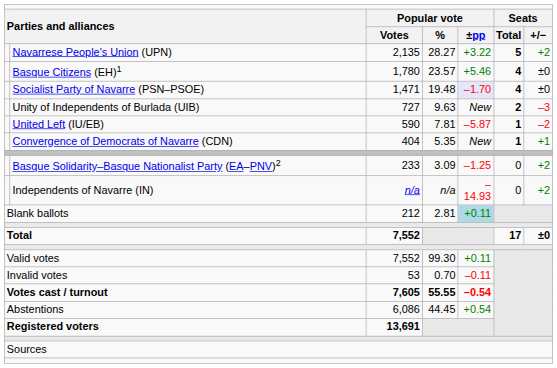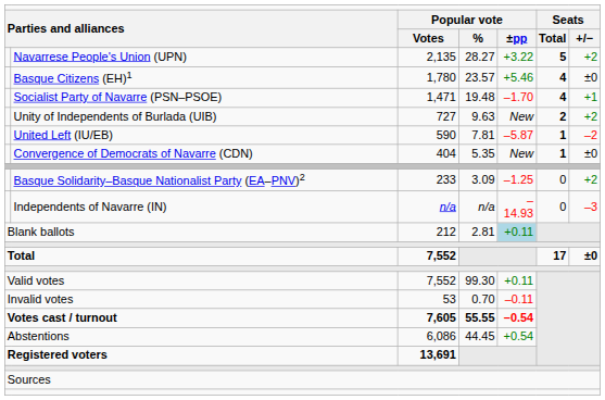 <table class="wikitable" style="text-align:right;">
 <tr>
 <td colspan="7"></td>
 </tr>
 <tr>
 <th style="text-align:left;" rowspan="2" colspan="2" width="525">Parties and alliances</th>
 <th colspan="3">Popular vote</th>
 <th colspan="2">Seats</th>
 </tr>
 <tr>
 <th width="75">Votes</th>
 <th width="45">%</th>
 <th width="45">±<a href='#'>pp</a></th>
 <th width="35">Total</th>
 <th width="35">+/−</th>
 </tr>
 <tr>
 <td width="1" style="color:inherit;background:"></td>
 <td align="left"><a href='#'>Navarrese People's Union</a> (UPN)</td>
 <td>2,135</td>
 <td>28.27</td>
 <td style="color:green;">+3.22</td>
 <td><strong>5</strong></td>
 <td style="color:green;">+2</td>
 </tr>
 <tr>
 <td style="color:inherit;background:"></td>
 <td align="left"><a href='#'>Basque Citizens</a> (EH)<sup>1</sup></td>
 <td>1,780</td>
 <td>23.57</td>
 <td style="color:green;">+5.46</td>
 <td><strong>4</strong></td>
 <td>±0</td>
 </tr>
 <tr>
 <td style="color:inherit;background:"></td>
 <td align="left"><a href='#'>Socialist Party of Navarre</a> (PSN–PSOE)</td>
 <td>1,471</td>
 <td>19.48</td>
-<td style="background: lavender; color:red;">–1.70</td>
+<td style="color:red;">–1.70</td>
 <td><strong>4</strong></td>
-<td>±0</td>
+<td style="color:green;">+1</td>
 </tr>
 <tr>
 <td style="color:inherit;background:"></td>
 <td align="left">Unity of Independents of Burlada (UIB)</td>
 <td>727</td>
 <td>9.63</td>
 <td><em>New</em></td>
 <td><strong>2</strong></td>
-<td style="color:red;">–3</td>
+<td style="color:green;">+2</td>
 </tr>
 <tr>
 <td style="color:inherit;background:"></td>
 <td align="left"><a href='#'>United Left</a> (IU/EB)</td>
 <td>590</td>
 <td>7.81</td>
 <td style="color:red;">–5.87</td>
 <td><strong>1</strong></td>
 <td style="color:red;">–2</td>
 </tr>
 <tr>
 <td style="color:inherit;background:"></td>
 <td align="left"><a href='#'>Convergence of Democrats of Navarre</a> (CDN)</td>
 <td>404</td>
 <td>5.35</td>
 <td><em>New</em></td>
 <td><strong>1</strong></td>
-<td style="color:green;">+1</td>
+<td>±0</td>
 </tr>
 <tr>
 <td colspan="7" bgcolor="#C0C0C0"></td>
 </tr>
 <tr>
 <td style="color:inherit;background:"></td>
 <td align="left"><a href='#'>Basque Solidarity–Basque Nationalist Party</a> (<a href='#'>EA</a>–<a href='#'>PNV</a>)<sup>2</sup></td>
 <td>233</td>
 <td>3.09</td>
 <td style="color:red;">–1.25</td>
 <td>0</td>
 <td style="color:green;">+2</td>
 </tr>
 <tr>
 <td style="color:inherit;background:"></td>
 <td align="left">Independents of Navarre (IN)</td>
 <td><em><a href='#'>n/a</a></em></td>
 <td><em>n/a</em></td>
 <td style="color:red;">–14.93</td>
 <td>0</td>
-<td style="color:green;">+2</td>
+<td style="color:red;">–3</td>
 </tr>
 <tr>
 <td align="left" colspan="2">Blank ballots</td>
 <td>212</td>
 <td>2.81</td>
 <td style="background: lightblue; color:green;">+0.11</td>
 <td bgcolor="#E9E9E9" colspan="2"></td>
 </tr>
 <tr>
 <td colspan="7" bgcolor="#E9E9E9"></td>
 </tr>
 <tr style="font-weight:bold;">
 <td align="left" colspan="2">Total</td>
 <td>7,552</td>
 <td bgcolor="#E9E9E9" colspan="2"></td>
 <td>17</td>
 <td>±0</td>
 </tr>
 <tr>
 <td colspan="7" bgcolor="#E9E9E9"></td>
 </tr>
 <tr>
 <td align="left" colspan="2">Valid votes</td>
 <td>7,552</td>
 <td>99.30</td>
 <td style="color:green;">+0.11</td>
 <td bgcolor="#E9E9E9" colspan="2" rowspan="5"></td>
 </tr>
 <tr>
 <td align="left" colspan="2">Invalid votes</td>
 <td>53</td>
 <td>0.70</td>
 <td style="color:red;">–0.11</td>
 </tr>
 <tr style="font-weight:bold;">
 <td align="left" colspan="2">Votes cast / turnout</td>
 <td>7,605</td>
 <td>55.55</td>
 <td style="color:red;">–0.54</td>
 </tr>
 <tr>
 <td align="left" colspan="2">Abstentions</td>
 <td>6,086</td>
 <td>44.45</td>
 <td style="color:green;">+0.54</td>
 </tr>
 <tr style="font-weight:bold;">
 <td align="left" colspan="2">Registered voters</td>
 <td>13,691</td>
 <td bgcolor="#E9E9E9" colspan="2"></td>
 </tr>
 <tr>
 <td colspan="7" bgcolor="#E9E9E9"></td>
 </tr>
 <tr>
 <td align="left" colspan="7">Sources</td>
 </tr>
 <tr>
 <td colspan="7" style="text-align:left; max-width:790px;"></td>
 </tr>
 </table>
